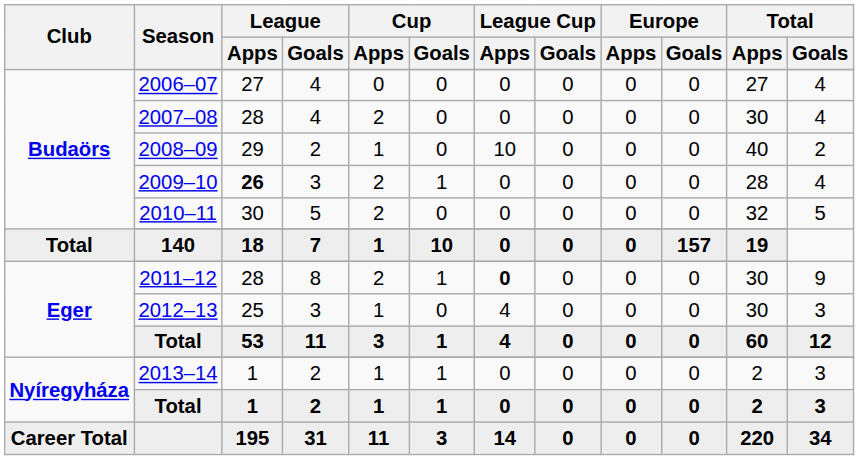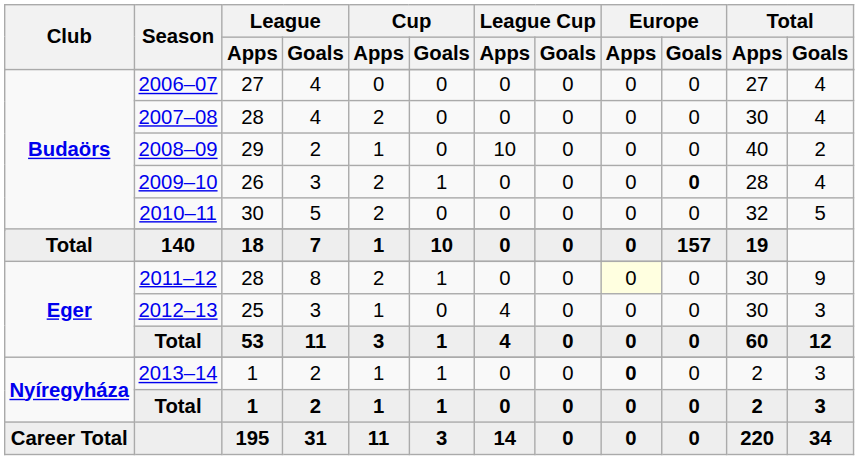 <table class="wikitable" style="font-size:90%; text-align: center;">
 <tr>
 <th rowspan="2">Club</th>
 <th rowspan="2">Season</th>
 <th colspan="2">League</th>
 <th colspan="2">Cup</th>
 <th colspan="2">League Cup</th>
 <th colspan="2">Europe</th>
 <th colspan="2">Total</th>
 </tr>
 <tr>
 <th>Apps</th>
 <th>Goals</th>
 <th>Apps</th>
 <th>Goals</th>
 <th>Apps</th>
 <th>Goals</th>
 <th>Apps</th>
 <th>Goals</th>
 <th>Apps</th>
 <th>Goals</th>
 </tr>
 <tr ||-||-||-|->
 <td rowspan="7" valign="center"><strong><a href='#'>Budaörs</a></strong></td>
 </tr>
 <tr>
 <td><a href='#'>2006–07</a></td>
 <td>27</td>
 <td>4</td>
 <td>0</td>
 <td>0</td>
 <td>0</td>
 <td>0</td>
 <td>0</td>
 <td>0</td>
 <td>27</td>
 <td>4</td>
 </tr>
 <tr>
 <td><a href='#'>2007–08</a></td>
 <td>28</td>
 <td>4</td>
 <td>2</td>
 <td>0</td>
 <td>0</td>
 <td>0</td>
 <td>0</td>
 <td>0</td>
 <td>30</td>
 <td>4</td>
 </tr>
 <tr>
 <td><a href='#'>2008–09</a></td>
 <td>29</td>
 <td>2</td>
 <td>1</td>
 <td>0</td>
 <td>10</td>
 <td>0</td>
 <td>0</td>
 <td>0</td>
 <td>40</td>
 <td>2</td>
 </tr>
 <tr>
 <td><a href='#'>2009–10</a></td>
-<td><strong>26</strong></td>
+<td>26</td>
 <td>3</td>
 <td>2</td>
 <td>1</td>
 <td>0</td>
 <td>0</td>
 <td>0</td>
-<td>0</td>
+<td><strong>0</strong></td>
 <td>28</td>
 <td>4</td>
 </tr>
 <tr>
 <td><a href='#'>2010–11</a></td>
 <td>30</td>
 <td>5</td>
 <td>2</td>
 <td>0</td>
 <td>0</td>
 <td>0</td>
 <td>0</td>
 <td>0</td>
 <td>32</td>
 <td>5</td>
 </tr>
 <tr>
 </tr>
 <tr style="font-weight:bold; background-color:#eeeeee;">
 <td>Total</td>
 <td>140</td>
 <td>18</td>
 <td>7</td>
 <td>1</td>
 <td>10</td>
 <td>0</td>
 <td>0</td>
 <td>0</td>
 <td>157</td>
 <td>19</td>
 </tr>
 <tr>
 <td rowspan="4" valign="center"><strong><a href='#'>Eger</a></strong></td>
 </tr>
 <tr>
 <td><a href='#'>2011–12</a></td>
 <td>28</td>
 <td>8</td>
 <td>2</td>
 <td>1</td>
-<td><strong>0</strong></td>
 <td>0</td>
 <td>0</td>
+<td style="background: lightyellow;">0</td>
 <td>0</td>
 <td>30</td>
 <td>9</td>
 </tr>
 <tr>
 <td><a href='#'>2012–13</a></td>
 <td>25</td>
 <td>3</td>
 <td>1</td>
 <td>0</td>
 <td>4</td>
 <td>0</td>
 <td>0</td>
 <td>0</td>
 <td>30</td>
 <td>3</td>
 </tr>
 <tr style="font-weight:bold; background-color:#eeeeee;">
 <td>Total</td>
 <td>53</td>
 <td>11</td>
 <td>3</td>
 <td>1</td>
 <td>4</td>
 <td>0</td>
 <td>0</td>
 <td>0</td>
 <td>60</td>
 <td>12</td>
 </tr>
 <tr>
 <td rowspan="3" valign="center"><strong><a href='#'>Nyíregyháza</a></strong></td>
 </tr>
 <tr>
 <td><a href='#'>2013–14</a></td>
 <td>1</td>
 <td>2</td>
 <td>1</td>
 <td>1</td>
 <td>0</td>
 <td>0</td>
-<td>0</td>
+<td><strong>0</strong></td>
 <td>0</td>
 <td>2</td>
 <td>3</td>
 </tr>
 <tr style="font-weight:bold; background-color:#eeeeee;">
 <td>Total</td>
 <td>1</td>
 <td>2</td>
 <td>1</td>
 <td>1</td>
 <td>0</td>
 <td>0</td>
 <td>0</td>
 <td>0</td>
 <td>2</td>
 <td>3</td>
 </tr>
 <tr style="font-weight:bold; background-color:#eeeeee;">
 <td rowspan="2" valign="top"><strong>Career Total</strong></td>
 <td></td>
 <td><strong>195</strong></td>
 <td><strong>31</strong></td>
 <td><strong>11</strong></td>
 <td><strong>3</strong></td>
 <td><strong>14</strong></td>
 <td><strong>0</strong></td>
 <td><strong>0</strong></td>
 <td><strong>0</strong></td>
 <td><strong>220</strong></td>
 <td><strong>34</strong></td>
 </tr>
 </table>
